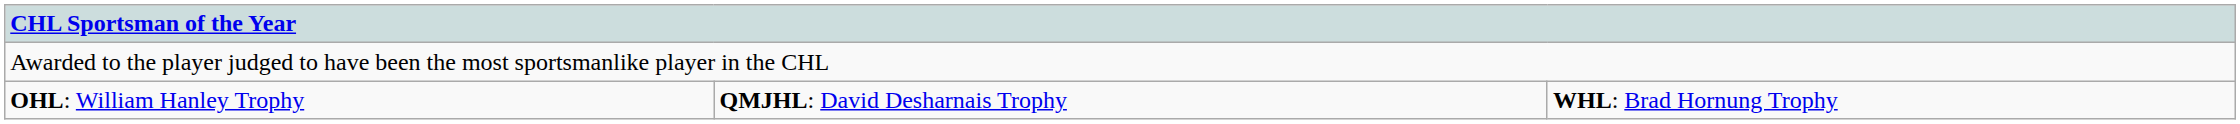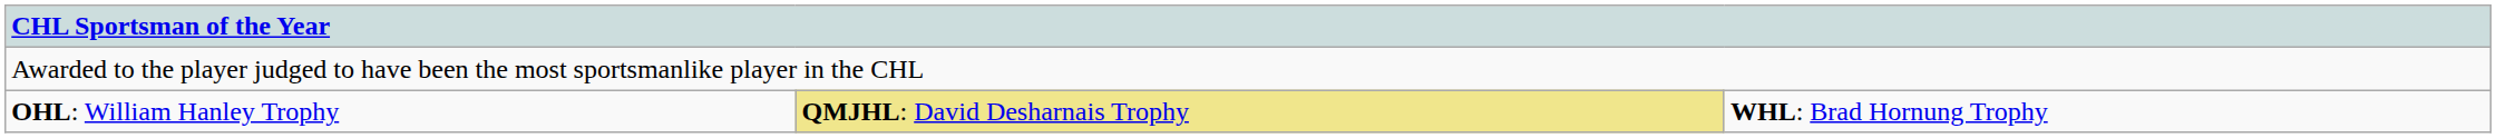 <table class="wikitable" width="75%">
 <tr style="font-weight:bold; background-color:#ccdddd;" |>
 <td colspan="3"><a href='#'>CHL Sportsman of the Year</a></td>
 </tr>
 <tr>
 <td colspan="3">Awarded to the player judged to have been the most sportsmanlike player in the CHL</td>
 </tr>
 <tr>
 <td><strong>OHL</strong>: <a href='#'>William Hanley Trophy</a></td>
-<td><strong>QMJHL</strong>: <a href='#'>David Desharnais Trophy</a></td>
+<td style="background: khaki;"><strong>QMJHL</strong>: <a href='#'>David Desharnais Trophy</a></td>
 <td><strong>WHL</strong>: <a href='#'>Brad Hornung Trophy</a></td>
 </tr>
 </table>
